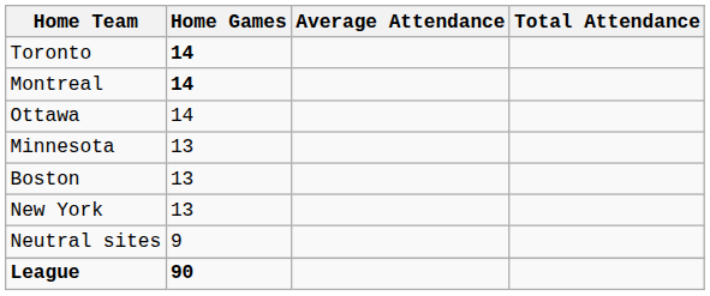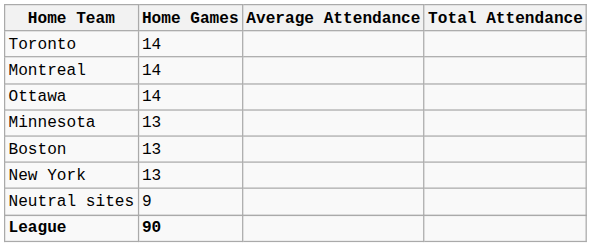 <table class="wikitable sortable">
 <tr>
 <th>Home Team</th>
 <th>Home Games</th>
 <th>Average Attendance</th>
 <th>Total Attendance</th>
 </tr>
 <tr>
 <td>Toronto</td>
-<td><strong>14</strong></td>
+<td>14</td>
 <td></td>
 <td></td>
 </tr>
 <tr>
 <td>Montreal</td>
-<td><strong>14</strong></td>
+<td>14</td>
 <td></td>
 <td></td>
 </tr>
 <tr>
 <td>Ottawa</td>
 <td>14</td>
 <td></td>
 <td></td>
 </tr>
 <tr>
 <td>Minnesota</td>
 <td>13</td>
 <td></td>
 <td></td>
 </tr>
 <tr>
 <td>Boston</td>
 <td>13</td>
 <td></td>
 <td></td>
 </tr>
 <tr>
 <td>New York</td>
 <td>13</td>
 <td></td>
 <td></td>
 </tr>
 <tr>
 <td>Neutral sites</td>
 <td>9</td>
 <td></td>
 <td></td>
 </tr>
 <tr>
 </tr>
 <tr class="sortbottom">
 <td><strong>League</strong></td>
 <td><strong>90</strong></td>
 <td><strong> </strong></td>
 <td><strong></strong></td>
 </tr>
 </table>
